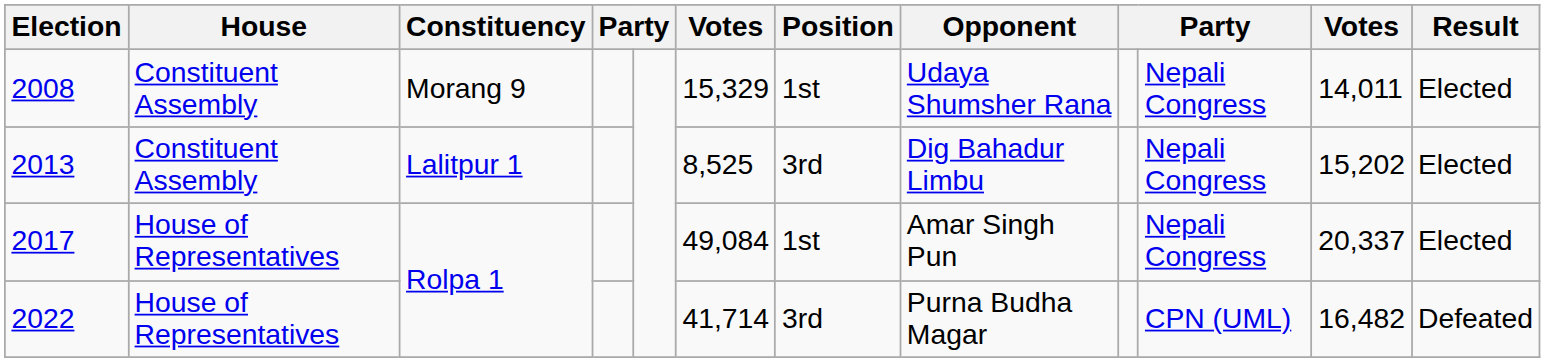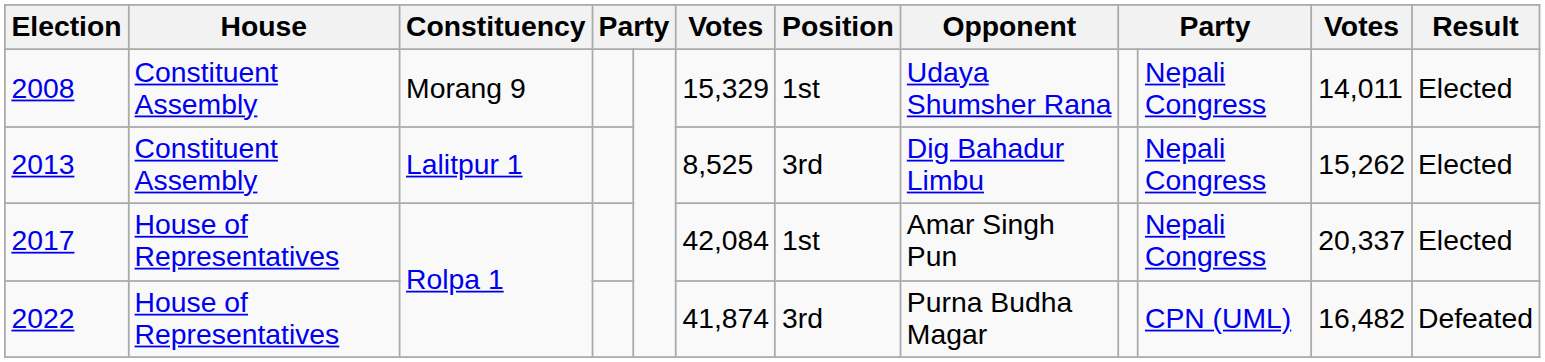 <table class="wikitable">
 <tr>
 <th>Election</th>
 <th>House</th>
 <th>Constituency</th>
 <th colspan="2">Party</th>
 <th>Votes</th>
 <th>Position</th>
 <th>Opponent</th>
 <th colspan="2">Party</th>
 <th>Votes</th>
 <th>Result</th>
 </tr>
 <tr>
 <td><a href='#'>2008</a></td>
 <td><a href='#'>Constituent Assembly</a></td>
 <td>Morang 9</td>
 <td></td>
 <td rowspan="4"></td>
 <td>15,329</td>
 <td>1st</td>
 <td><a href='#'>Udaya Shumsher Rana</a></td>
 <td width="4px"></td>
 <td><a href='#'>Nepali Congress</a></td>
 <td>14,011</td>
 <td> Elected</td>
 </tr>
 <tr>
 <td><a href='#'>2013</a></td>
 <td><a href='#'>Constituent Assembly</a></td>
 <td><a href='#'>Lalitpur 1</a></td>
 <td></td>
 <td>8,525</td>
 <td>3rd</td>
 <td><a href='#'>Dig Bahadur Limbu</a></td>
 <td width="4px"></td>
 <td><a href='#'>Nepali Congress</a></td>
-<td>15,202</td>
+<td>15,262</td>
 <td> Elected</td>
 </tr>
 <tr>
 <td><a href='#'>2017</a></td>
 <td><a href='#'>House of Representatives</a></td>
 <td rowspan="2"><a href='#'>Rolpa 1</a></td>
 <td></td>
-<td>49,084</td>
+<td>42,084</td>
 <td>1st</td>
 <td>Amar Singh Pun</td>
 <td width="4px"></td>
 <td><a href='#'>Nepali Congress</a></td>
 <td>20,337</td>
 <td> Elected</td>
 </tr>
 <tr>
 <td><a href='#'>2022</a></td>
 <td><a href='#'>House of Representatives</a></td>
 <td></td>
-<td>41,714</td>
+<td>41,874</td>
 <td>3rd</td>
 <td>Purna Budha Magar</td>
 <td width="4px"></td>
 <td><a href='#'>CPN (UML)</a></td>
 <td>16,482</td>
 <td> Defeated</td>
 </tr>
 </table>
